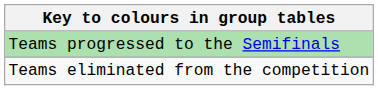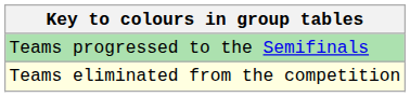 <table class="wikitable">
 <tr>
 <th>Key to colours in group tables</th>
 </tr>
 <tr bgcolor=#ACE1AF>
 <td>Teams progressed to the <a href='#'>Semifinals</a></td>
 </tr>
 <tr>
-<td>Teams eliminated from the competition</td>
+<td style="background: lightyellow;">Teams eliminated from the competition</td>
 </tr>
 </table>
